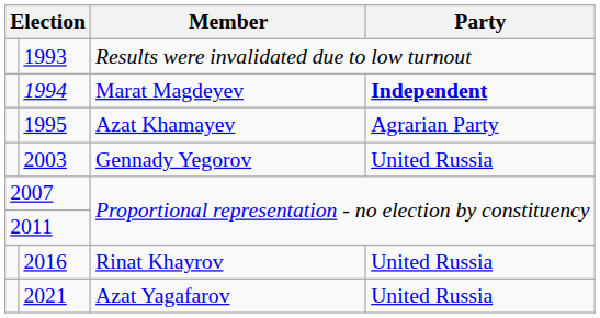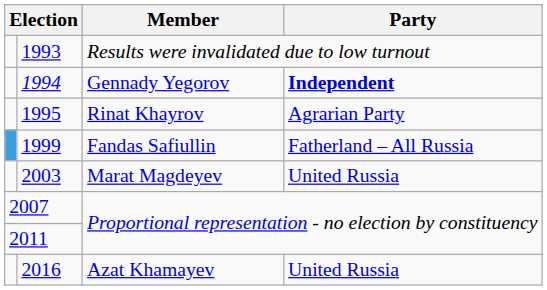 <table class="wikitable">
 <tr>
 <th colspan="2">Election</th>
 <th>Member</th>
 <th>Party</th>
 </tr>
 <tr>
 <td style="background-color:"></td>
 <td><a href='#'>1993</a></td>
 <td colspan=2><em>Results were invalidated due to low turnout</em></td>
 </tr>
 <tr>
 <td style="background-color:"></td>
 <td><em><a href='#'>1994</a></em></td>
-<td><a href='#'>Marat Magdeyev</a></td>
+<td><a href='#'>Gennady Yegorov</a></td>
 <td><strong><a href='#'>Independent</a></strong></td>
 </tr>
 <tr>
 <td style="background-color:"></td>
 <td><a href='#'>1995</a></td>
-<td><a href='#'>Azat Khamayev</a></td>
+<td><a href='#'>Rinat Khayrov</a></td>
 <td><a href='#'>Agrarian Party</a></td>
+</tr>
+<tr>
+<td style="background-color:#3B9EDF"></td>
+<td><a href='#'>1999</a></td>
+<td><a href='#'>Fandas Safiullin</a></td>
+<td><a href='#'>Fatherland – All Russia</a></td>
 </tr>
 <tr>
 <td style="background-color:"></td>
 <td><a href='#'>2003</a></td>
-<td><a href='#'>Gennady Yegorov</a></td>
+<td><a href='#'>Marat Magdeyev</a></td>
 <td><a href='#'>United Russia</a></td>
 </tr>
 <tr>
 <td colspan=2><a href='#'>2007</a></td>
 <td colspan=2 rowspan=2><em><a href='#'>Proportional representation</a> - no election by constituency</em></td>
 </tr>
 <tr>
 <td colspan=2><a href='#'>2011</a></td>
 </tr>
 <tr>
 <td style="background-color: "></td>
 <td><a href='#'>2016</a></td>
-<td><a href='#'>Rinat Khayrov</a></td>
-<td><a href='#'>United Russia</a></td>
-</tr>
-<tr>
-<td style="background-color: "></td>
-<td><a href='#'>2021</a></td>
-<td><a href='#'>Azat Yagafarov</a></td>
+<td><a href='#'>Azat Khamayev</a></td>
 <td><a href='#'>United Russia</a></td>
 </tr>
 </table>
